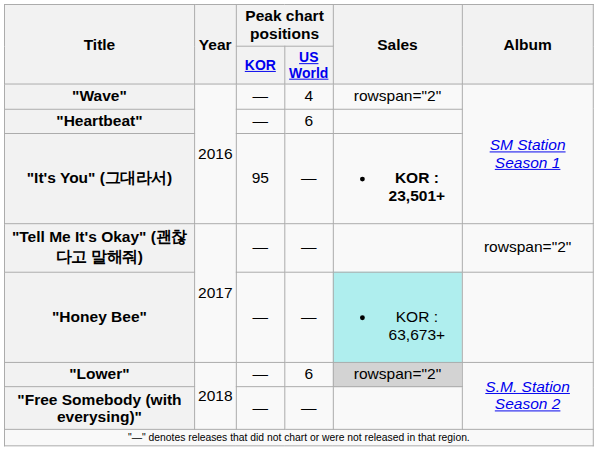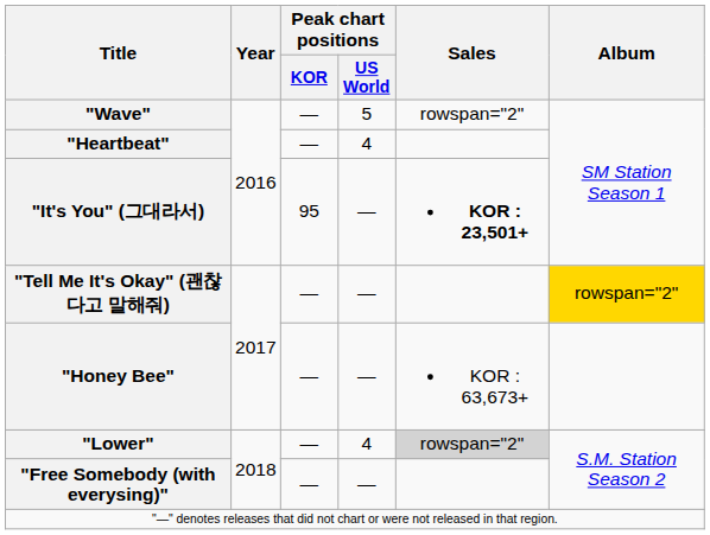 <table class="wikitable plainrowheaders" style="text-align:center;">
 <tr>
 <th scope="col" rowspan="2">Title</th>
 <th scope="col" rowspan="2">Year</th>
 <th scope="col" colspan="2">Peak chart positions</th>
 <th scope="col" rowspan="2">Sales</th>
 <th scope="col" rowspan="2">Album</th>
 </tr>
 <tr>
 <th scope="col" style="width:3em;font-size:90%;"><a href='#'>KOR</a><br></th>
 <th scope="col" style="width:3em;font-size:90%;"><a href='#'>US<br>World</a><br></th>
 </tr>
 <tr>
 <th scope=row>"Wave"<br></th>
 <td rowspan="3">2016</td>
 <td>—</td>
-<td>4</td>
+<td>5</td>
 <td>rowspan="2" </td>
 <td rowspan="3"><em><a href='#'>SM Station Season 1</a></em></td>
 </tr>
 <tr>
 <th scope=row>"Heartbeat"<br></th>
 <td>—</td>
-<td>6</td>
+<td>4</td>
 </tr>
 <tr>
 <th scope=row>"It's You" (그대라서)<br></th>
 <td>95</td>
 <td>—</td>
 <td><strong><br><ul><li>KOR : 23,501+</li></ul></strong></td>
 </tr>
 <tr>
 <th scope=row>"Tell Me It's Okay" (괜찮다고 말해줘)<br></th>
 <td rowspan="2">2017</td>
 <td>—</td>
 <td>—</td>
 <td></td>
-<td>rowspan="2" </td>
+<td style="background: gold;">rowspan="2" </td>
 </tr>
 <tr>
 <th scope=row>"Honey Bee"<br></th>
 <td>—</td>
 <td>—</td>
-<td style="background: paleturquoise;"><br><ul><li>KOR : 63,673+</li></ul></td>
+<td><br><ul><li>KOR : 63,673+</li></ul></td>
 </tr>
 <tr>
 <th scope=row>"Lower"<br></th>
 <td rowspan="2">2018</td>
 <td>—</td>
-<td>6</td>
+<td>4</td>
 <td style="background: lightgrey;">rowspan="2" </td>
 <td rowspan="2"><a href='#'><em>S.M. Station Season 2</em></a></td>
 </tr>
 <tr>
 <th scope=row>"Free Somebody (with everysing)"<br></th>
 <td>—</td>
 <td>—</td>
 </tr>
 <tr>
 <td colspan="6" style="font-size:8pt;">"—" denotes releases that did not chart or were not released in that region.</td>
 </tr>
 </table>
